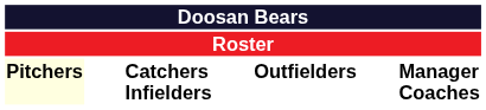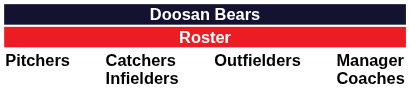 <table class="toccolours" style="font-size:95%;">
 <tr>
 <th colspan="10" style="background:#131230; color:#FFFFFF; text-align:center;">Doosan Bears</th>
 </tr>
 <tr>
 <th colspan="10" style="background:#ED1C24; color:#FFFFFF; text-align:center;">Roster</th>
 </tr>
 <tr>
-<td valign="top" style="background: lightyellow;"><strong>Pitchers</strong><br>           </td>
+<td valign="top"><strong>Pitchers</strong><br>           </td>
 <td style="width:25px;"></td>
 <td valign="top"><strong>Catchers</strong><br>   <strong>Infielders</strong>        </td>
 <td style="width:25px;"></td>
 <td valign="top"><strong>Outfielders</strong><br>    </td>
 <td style="width:25px;"></td>
 <td valign="top"><strong>Manager</strong><br> <strong>Coaches</strong>        </td>
 </tr>
 </table>
